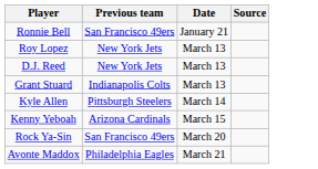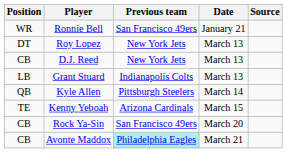 <table class="wikitable" style="text-align:center">
 <tr>
+<th>Position</th>
 <th>Player</th>
 <th>Previous team</th>
 <th>Date</th>
 <th>Source</th>
 </tr>
 <tr>
+<td>WR</td>
 <td><a href='#'>Ronnie Bell</a></td>
 <td><a href='#'>San Francisco 49ers</a></td>
 <td>January 21</td>
 <td></td>
 </tr>
 <tr>
+<td>DT</td>
 <td><a href='#'>Roy Lopez</a></td>
 <td><a href='#'>New York Jets</a></td>
 <td>March 13</td>
 <td></td>
 </tr>
 <tr>
+<td>CB</td>
 <td><a href='#'>D.J. Reed</a></td>
 <td><a href='#'>New York Jets</a></td>
 <td>March 13</td>
 <td></td>
 </tr>
 <tr>
+<td>LB</td>
 <td><a href='#'>Grant Stuard</a></td>
 <td><a href='#'>Indianapolis Colts</a></td>
 <td>March 13</td>
 <td></td>
 </tr>
 <tr>
+<td>QB</td>
 <td><a href='#'>Kyle Allen</a></td>
 <td><a href='#'>Pittsburgh Steelers</a></td>
 <td>March 14</td>
 <td></td>
 </tr>
 <tr>
+<td>TE</td>
 <td><a href='#'>Kenny Yeboah</a></td>
 <td><a href='#'>Arizona Cardinals</a></td>
 <td>March 15</td>
 <td></td>
 </tr>
 <tr>
+<td>CB</td>
 <td><a href='#'>Rock Ya-Sin</a></td>
 <td><a href='#'>San Francisco 49ers</a></td>
 <td>March 20</td>
 <td></td>
 </tr>
 <tr>
+<td>CB</td>
 <td><a href='#'>Avonte Maddox</a></td>
-<td><a href='#'>Philadelphia Eagles</a></td>
+<td style="background: paleturquoise;"><a href='#'>Philadelphia Eagles</a></td>
 <td>March 21</td>
 <td></td>
 </tr>
 </table>
